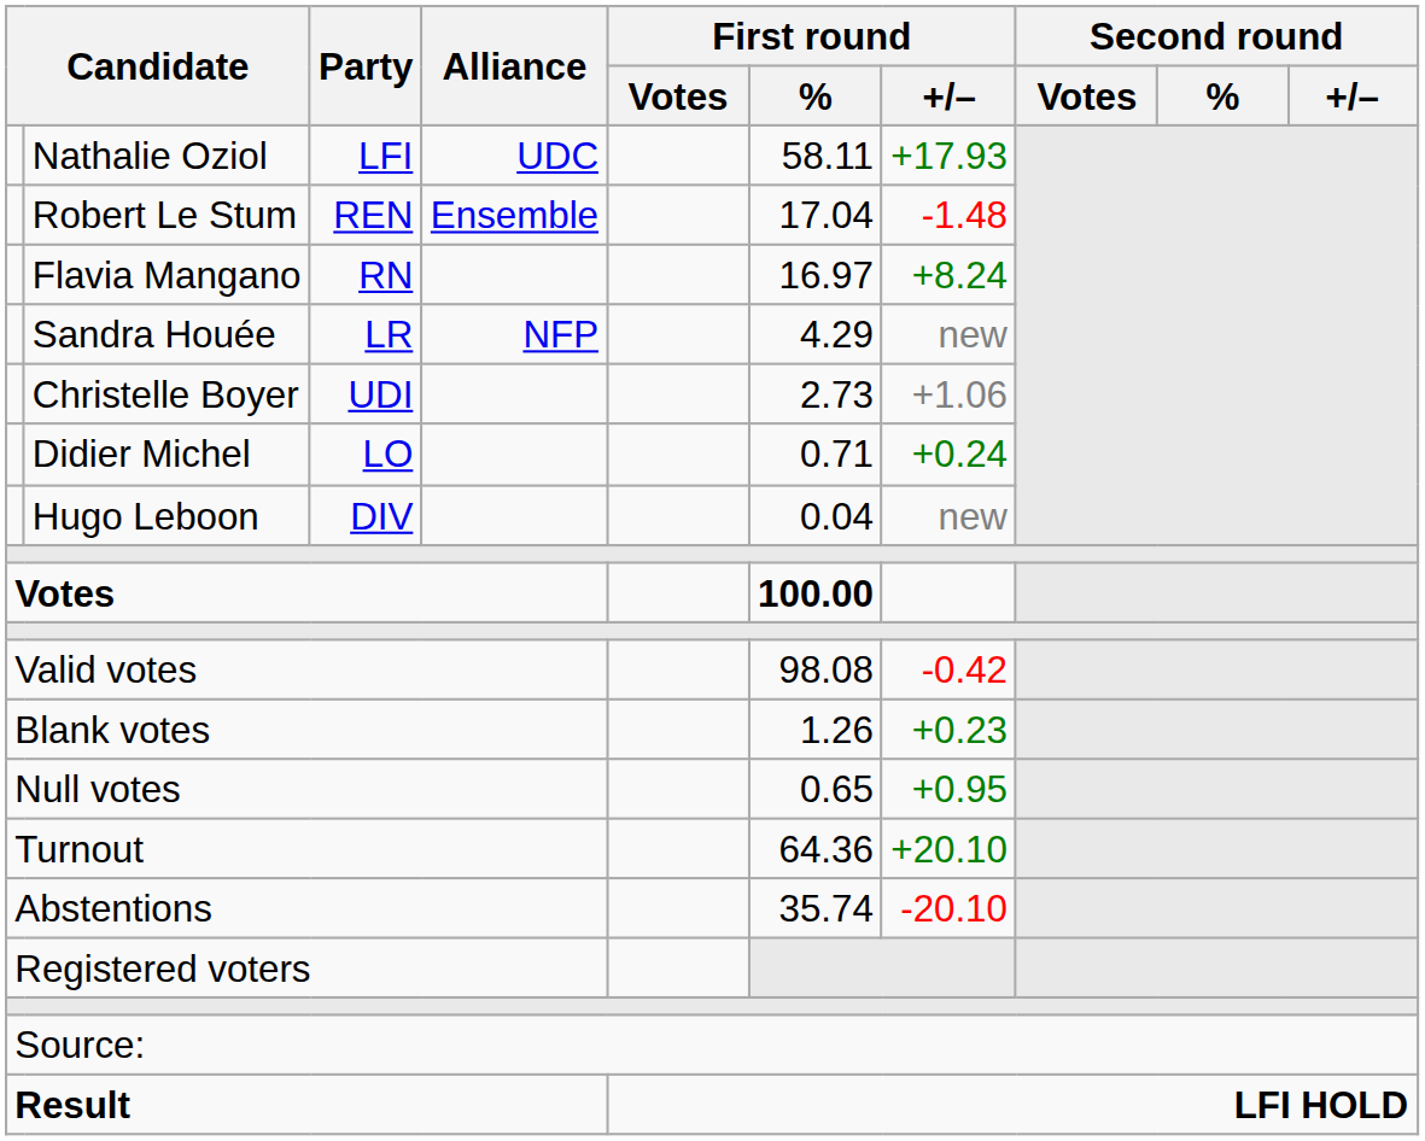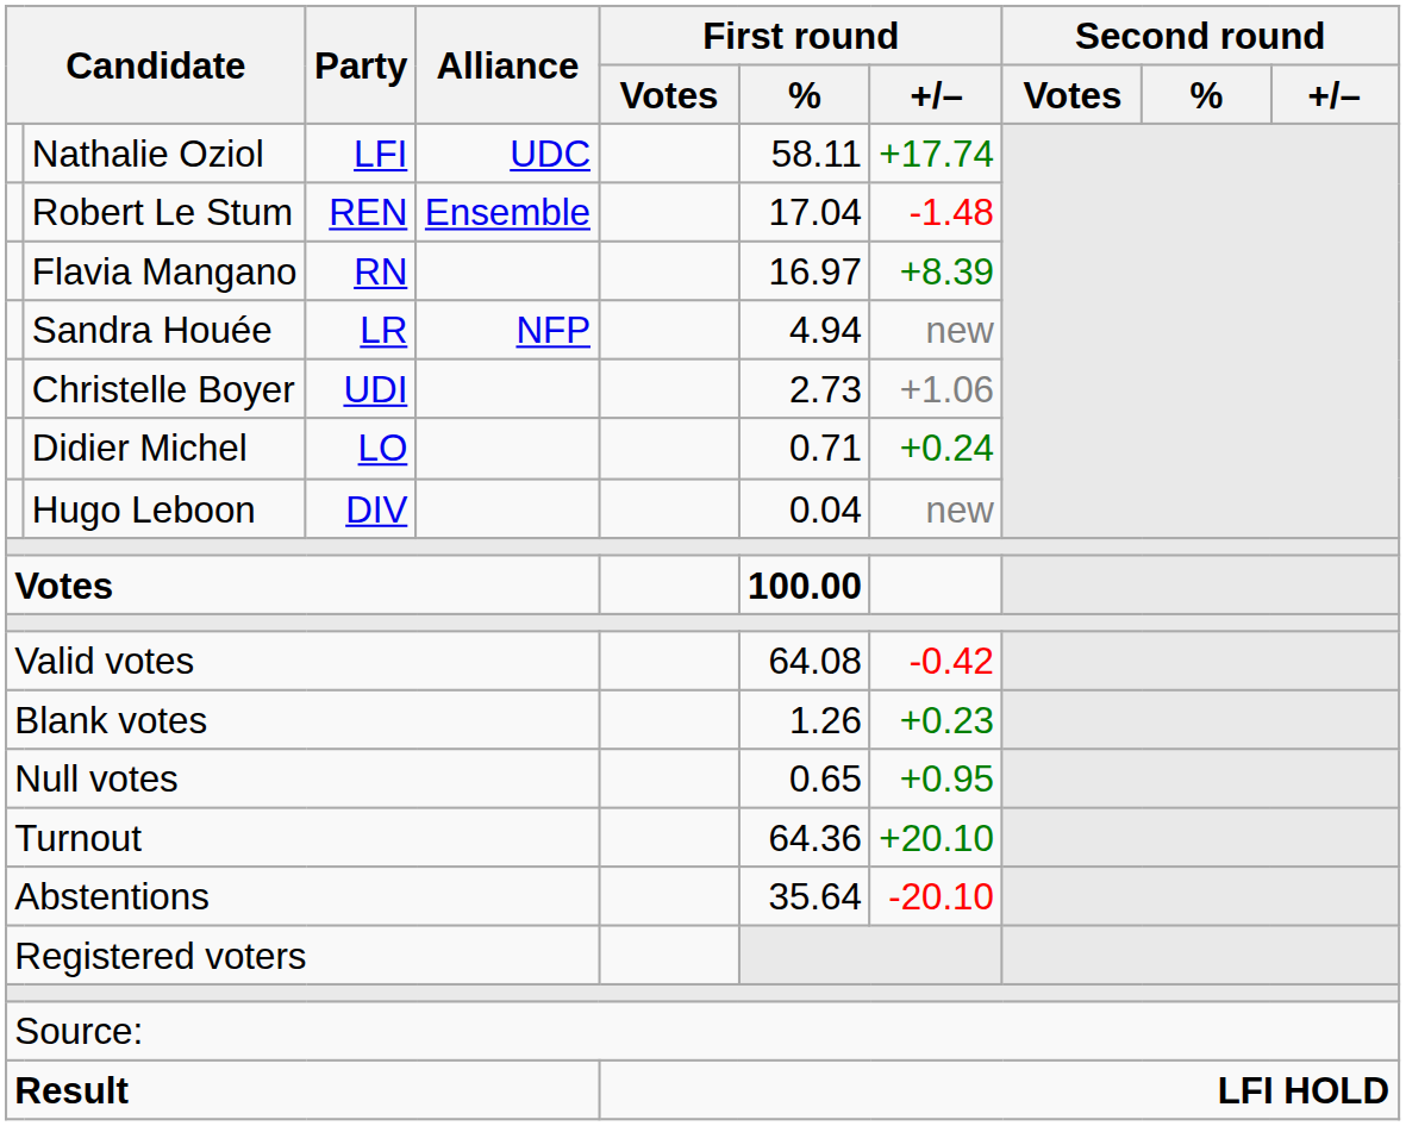 <table class="wikitable" style="text-align:right;font-size:95%;">
 <tr>
 <th rowspan="2" colspan="2">Candidate</th>
 <th colspan="1" rowspan="2">Party</th>
 <th colspan="1" rowspan="2">Alliance</th>
 <th colspan="3">First round</th>
 <th colspan="3">Second round</th>
 </tr>
 <tr>
 <th style="width:50px;">Votes</th>
 <th style="width:45px;">%</th>
 <th style="width:45px;">+/–</th>
 <th style="width:50px;">Votes</th>
 <th style="width:45px;">%</th>
 <th style="width:45px;">+/–</th>
 </tr>
 <tr>
 <td style="color:inherit;background:"></td>
 <td style="text-align:left;">Nathalie Oziol</td>
 <td><a href='#'>LFI</a></td>
 <td><a href='#'>UDC</a></td>
 <td></td>
 <td>58.11</td>
-<td style="color:green;">+17.93</td>
+<td style="color:green;">+17.74</td>
 <td colspan="3" rowspan="7" style="background:#E9E9E9;"></td>
 </tr>
 <tr>
 <td style="color:inherit;background:"></td>
 <td style="text-align:left;">Robert Le Stum</td>
 <td><a href='#'>REN</a></td>
 <td><a href='#'>Ensemble</a></td>
 <td></td>
 <td>17.04</td>
 <td style="color:red;">-1.48</td>
 </tr>
 <tr>
 <td style="color:inherit;background:"></td>
 <td style="text-align:left;">Flavia Mangano</td>
 <td><a href='#'>RN</a></td>
 <td></td>
 <td></td>
 <td>16.97</td>
-<td style="color:green;">+8.24</td>
+<td style="color:green;">+8.39</td>
 </tr>
 <tr>
 <td style="color:inherit;background:"></td>
 <td style="text-align:left;">Sandra Houée</td>
 <td><a href='#'>LR</a></td>
 <td><a href='#'>NFP</a></td>
 <td></td>
-<td>4.29</td>
+<td>4.94</td>
 <td style="color:grey;">new</td>
 </tr>
 <tr>
 <td style="color:inherit;background:"></td>
 <td style="text-align:left;">Christelle Boyer</td>
 <td><a href='#'>UDI</a></td>
 <td></td>
 <td></td>
 <td>2.73</td>
 <td style="color:grey;">+1.06</td>
 </tr>
 <tr>
 <td style="color:inherit;background:"></td>
 <td style="text-align:left;">Didier Michel</td>
 <td><a href='#'>LO</a></td>
 <td></td>
 <td></td>
 <td>0.71</td>
 <td style="color:green;">+0.24</td>
 </tr>
 <tr>
 <td style="color:inherit;background:"></td>
 <td style="text-align:left;">Hugo Leboon</td>
 <td><a href='#'>DIV</a></td>
 <td></td>
 <td></td>
 <td>0.04</td>
 <td style="color:grey;">new</td>
 </tr>
 <tr>
 <td colspan="10" style="background:#E9E9E9;"></td>
 </tr>
 <tr style="font-weight:bold;">
 <td colspan="4" style="text-align:left;">Votes</td>
 <td></td>
 <td>100.00</td>
 <td></td>
 <td colspan="3" rowspan="1" style="background:#E9E9E9;"></td>
 </tr>
 <tr>
 <td colspan="10" style="background:#E9E9E9;"></td>
 </tr>
 <tr>
 <td colspan="4" style="text-align:left;">Valid votes</td>
 <td></td>
-<td>98.08</td>
+<td>64.08</td>
 <td style="color:red;">-0.42</td>
 <td colspan="3" rowspan="1" style="background:#E9E9E9;"></td>
 </tr>
 <tr>
 <td colspan="4" style="text-align:left;">Blank votes</td>
 <td></td>
 <td>1.26</td>
 <td style="color:green;">+0.23</td>
 <td colspan="3" rowspan="1" style="background:#E9E9E9;"></td>
 </tr>
 <tr>
 <td colspan="4" style="text-align:left;">Null votes</td>
 <td></td>
 <td>0.65</td>
 <td style="color:green;">+0.95</td>
 <td colspan="3" rowspan="1" style="background:#E9E9E9;"></td>
 </tr>
 <tr>
 <td colspan="4" style="text-align:left;">Turnout</td>
 <td></td>
 <td>64.36</td>
 <td style="color:green;">+20.10</td>
 <td colspan="3" rowspan="1" style="background:#E9E9E9;"></td>
 </tr>
 <tr>
 <td colspan="4" style="text-align:left;">Abstentions</td>
 <td></td>
-<td>35.74</td>
+<td>35.64</td>
 <td style="color:red;">-20.10</td>
 <td colspan="3" rowspan="1" style="background:#E9E9E9;"></td>
 </tr>
 <tr>
 <td colspan="4" style="text-align:left;">Registered voters</td>
 <td></td>
 <td colspan="2" style="background:#E9E9E9;"></td>
 <td colspan="3" rowspan="1" style="background:#E9E9E9;"></td>
 </tr>
 <tr>
 <td colspan="10" style="background:#E9E9E9;"></td>
 </tr>
 <tr>
 <td colspan="10" style="text-align:left;">Source: </td>
 </tr>
 <tr style="font-weight:bold">
 <td colspan="4" style="text-align:left;">Result</td>
 <td colspan="6" style="background-color:">LFI HOLD</td>
 </tr>
 </table>
